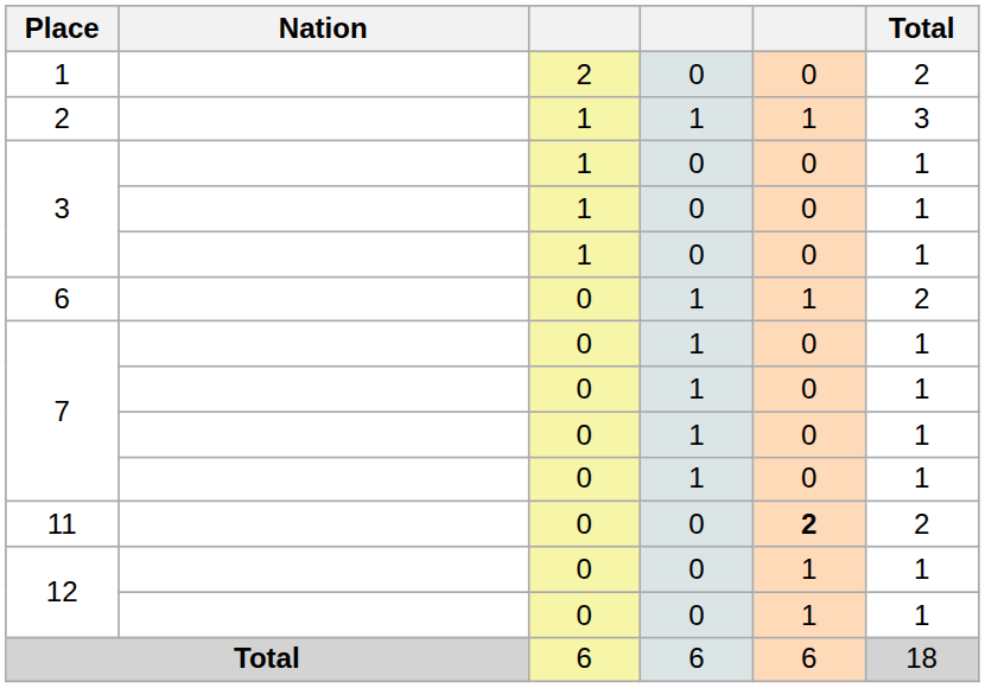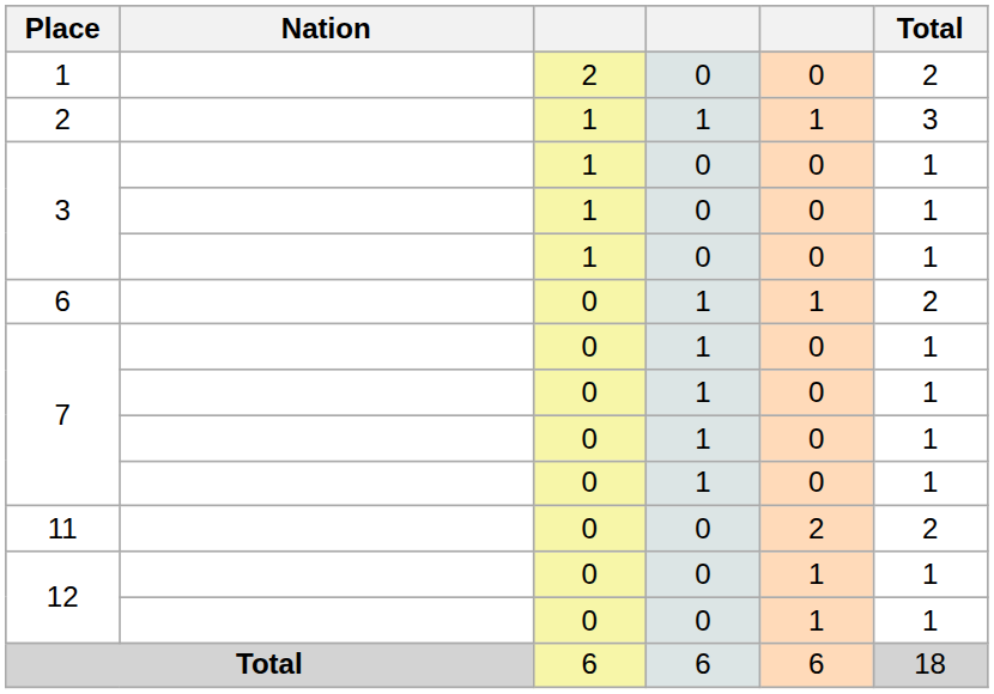 <table class=wikitable style="border:1px solid #AAAAAA;font-size:90%">
 <tr bgcolor="#EFEFEF">
 <th width=50>Place</th>
 <th width=200>Nation</th>
 <th width=50></th>
 <th width=50></th>
 <th width=50></th>
 <th width=50>Total</th>
 </tr>
 <tr align="center" valign="center" bgcolor="#FFFFFF">
 <td>1</td>
 <td align="left"></td>
 <td style="background:#F7F6A8;">2</td>
 <td style="background:#DCE5E5;">0</td>
 <td style="background:#FFDAB9;">0</td>
 <td>2</td>
 </tr>
 <tr align="center" valign="center" bgcolor="#FFFFFF">
 <td>2</td>
 <td align="left"></td>
 <td style="background:#F7F6A8;">1</td>
 <td style="background:#DCE5E5;">1</td>
 <td style="background:#FFDAB9;">1</td>
 <td>3</td>
 </tr>
 <tr align="center" valign="center" bgcolor="#FFFFFF">
 <td rowspan=3>3</td>
 <td align="left"></td>
 <td style="background:#F7F6A8;">1</td>
 <td style="background:#DCE5E5;">0</td>
 <td style="background:#FFDAB9;">0</td>
 <td>1</td>
 </tr>
 <tr align="center" valign="center" bgcolor="#FFFFFF">
 <td align="left"></td>
 <td style="background:#F7F6A8;">1</td>
 <td style="background:#DCE5E5;">0</td>
 <td style="background:#FFDAB9;">0</td>
 <td>1</td>
 </tr>
 <tr align="center" valign="center" bgcolor="#FFFFFF">
 <td align="left"></td>
 <td style="background:#F7F6A8;">1</td>
 <td style="background:#DCE5E5;">0</td>
 <td style="background:#FFDAB9;">0</td>
 <td>1</td>
 </tr>
 <tr align="center" valign="center" bgcolor="#FFFFFF">
 <td>6</td>
 <td align="left"></td>
 <td style="background:#F7F6A8;">0</td>
 <td style="background:#DCE5E5;">1</td>
 <td style="background:#FFDAB9;">1</td>
 <td>2</td>
 </tr>
 <tr align="center" valign="center" bgcolor="#FFFFFF">
 <td rowspan=4>7</td>
 <td align="left"></td>
 <td style="background:#F7F6A8;">0</td>
 <td style="background:#DCE5E5;">1</td>
 <td style="background:#FFDAB9;">0</td>
 <td>1</td>
 </tr>
 <tr align="center" valign="center" bgcolor="#FFFFFF">
 <td align="left"></td>
 <td style="background:#F7F6A8;">0</td>
 <td style="background:#DCE5E5;">1</td>
 <td style="background:#FFDAB9;">0</td>
 <td>1</td>
 </tr>
 <tr align="center" valign="center" bgcolor="#FFFFFF">
 <td align="left"></td>
 <td style="background:#F7F6A8;">0</td>
 <td style="background:#DCE5E5;">1</td>
 <td style="background:#FFDAB9;">0</td>
 <td>1</td>
 </tr>
 <tr align="center" valign="center" bgcolor="#FFFFFF">
 <td align="left"></td>
 <td style="background:#F7F6A8;">0</td>
 <td style="background:#DCE5E5;">1</td>
 <td style="background:#FFDAB9;">0</td>
 <td>1</td>
 </tr>
 <tr align="center" valign="center" bgcolor="#FFFFFF">
 <td>11</td>
 <td align="left"></td>
 <td style="background:#F7F6A8;">0</td>
 <td style="background:#DCE5E5;">0</td>
-<td style="background:#FFDAB9;"><strong>2</strong></td>
+<td style="background:#FFDAB9;">2</td>
 <td>2</td>
 </tr>
 <tr align="center" valign="center" bgcolor="#FFFFFF">
 <td rowspan=2>12</td>
 <td align="left"></td>
 <td style="background:#F7F6A8;">0</td>
 <td style="background:#DCE5E5;">0</td>
 <td style="background:#FFDAB9;">1</td>
 <td>1</td>
 </tr>
 <tr align="center" valign="center" bgcolor="#FFFFFF">
 <td align="left"></td>
 <td style="background:#F7F6A8;">0</td>
 <td style="background:#DCE5E5;">0</td>
 <td style="background:#FFDAB9;">1</td>
 <td>1</td>
 </tr>
 <tr align="center">
 <td colspan="2" bgcolor=D3D3D3><strong>Total</strong></td>
 <td style="background:#F7F6A8;">6</td>
 <td style="background:#DCE5E5;">6</td>
 <td style="background:#FFDAB9;">6</td>
 <td bgcolor=D3D3D3>18</td>
 </tr>
 </table>
